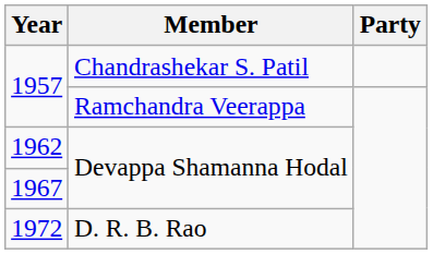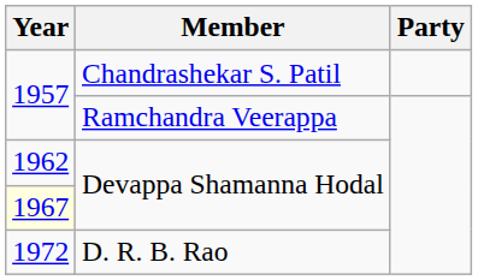 <table class="wikitable sortable">
 <tr>
 <th>Year</th>
 <th>Member</th>
 <th colspan="2">Party</th>
 </tr>
 <tr>
 <td rowspan="2"><a href='#'>1957</a></td>
 <td><a href='#'>Chandrashekar S. Patil</a></td>
 <td></td>
 </tr>
 <tr>
 <td><a href='#'>Ramchandra Veerappa</a></td>
 </tr>
 <tr>
 <td><a href='#'>1962</a></td>
 <td rowspan =2>Devappa Shamanna Hodal</td>
 </tr>
 <tr>
-<td><a href='#'>1967</a></td>
+<td style="background: lightyellow;"><a href='#'>1967</a></td>
 </tr>
 <tr>
 <td><a href='#'>1972</a></td>
 <td>D. R. B. Rao</td>
 </tr>
 </table>
